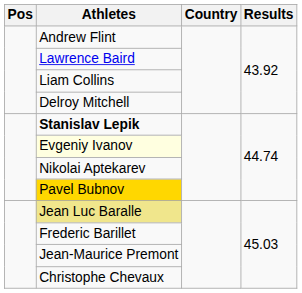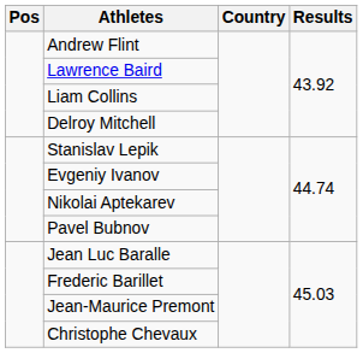 <table class="wikitable">
 <tr>
 <th>Pos</th>
 <th>Athletes</th>
 <th>Country</th>
 <th>Results</th>
 </tr>
 <tr>
 <td rowspan="4"></td>
 <td>Andrew Flint</td>
 <td rowspan="4"></td>
 <td rowspan="4">43.92</td>
 </tr>
 <tr>
 <td><a href='#'>Lawrence Baird</a></td>
 </tr>
 <tr>
 <td>Liam Collins</td>
 </tr>
 <tr>
 <td>Delroy Mitchell</td>
 </tr>
 <tr>
 <td rowspan="4"></td>
-<td><strong>Stanislav Lepik</strong></td>
+<td>Stanislav Lepik</td>
 <td rowspan="4"></td>
 <td rowspan="4">44.74</td>
 </tr>
 <tr>
-<td style="background: lightyellow;">Evgeniy Ivanov</td>
+<td>Evgeniy Ivanov</td>
 </tr>
 <tr>
 <td>Nikolai Aptekarev</td>
 </tr>
 <tr>
-<td style="background: gold;">Pavel Bubnov</td>
+<td>Pavel Bubnov</td>
 </tr>
 <tr>
 <td rowspan="4"></td>
-<td style="background: khaki;">Jean Luc Baralle</td>
+<td>Jean Luc Baralle</td>
 <td rowspan="4"></td>
 <td rowspan="4">45.03</td>
 </tr>
 <tr>
 <td>Frederic Barillet</td>
 </tr>
 <tr>
 <td>Jean-Maurice Premont</td>
 </tr>
 <tr>
 <td>Christophe Chevaux</td>
 </tr>
 </table>
